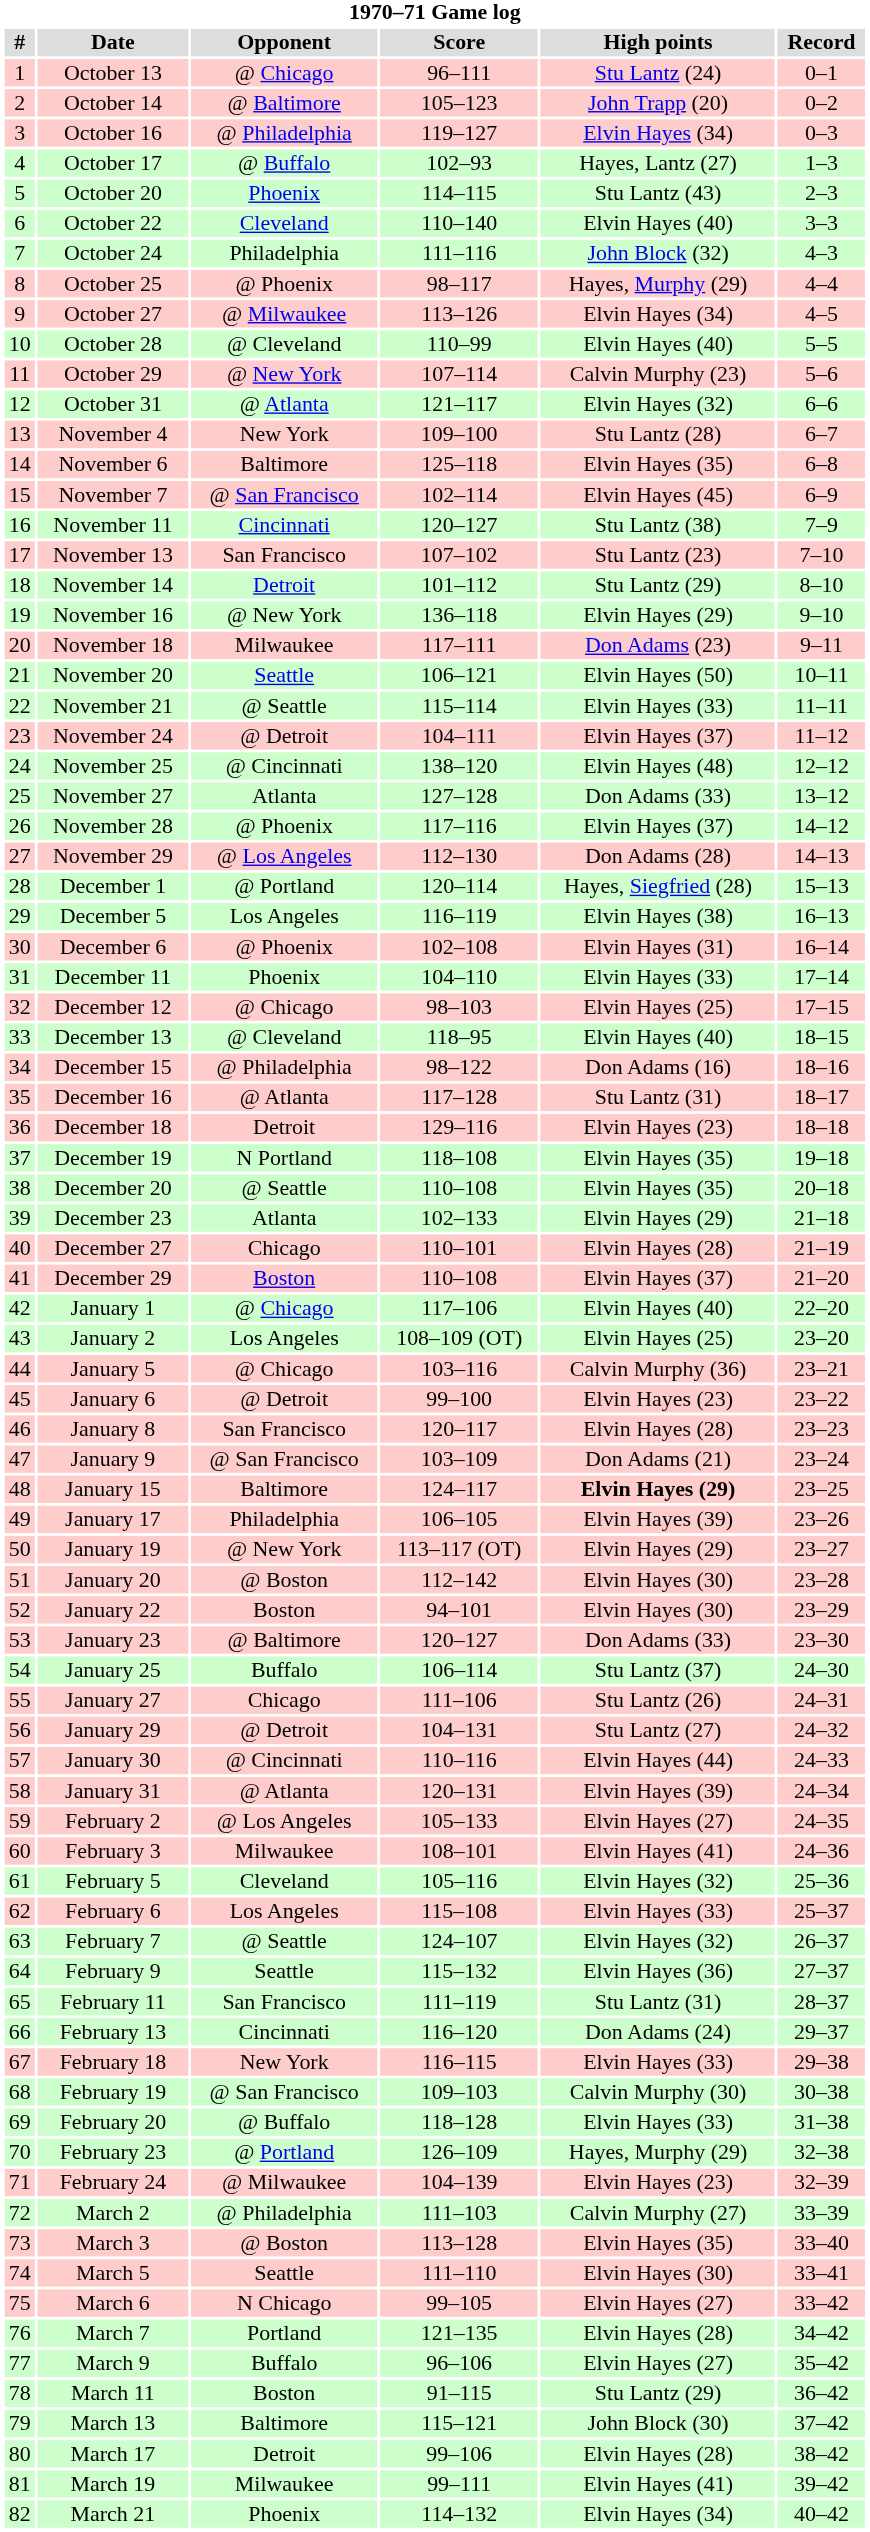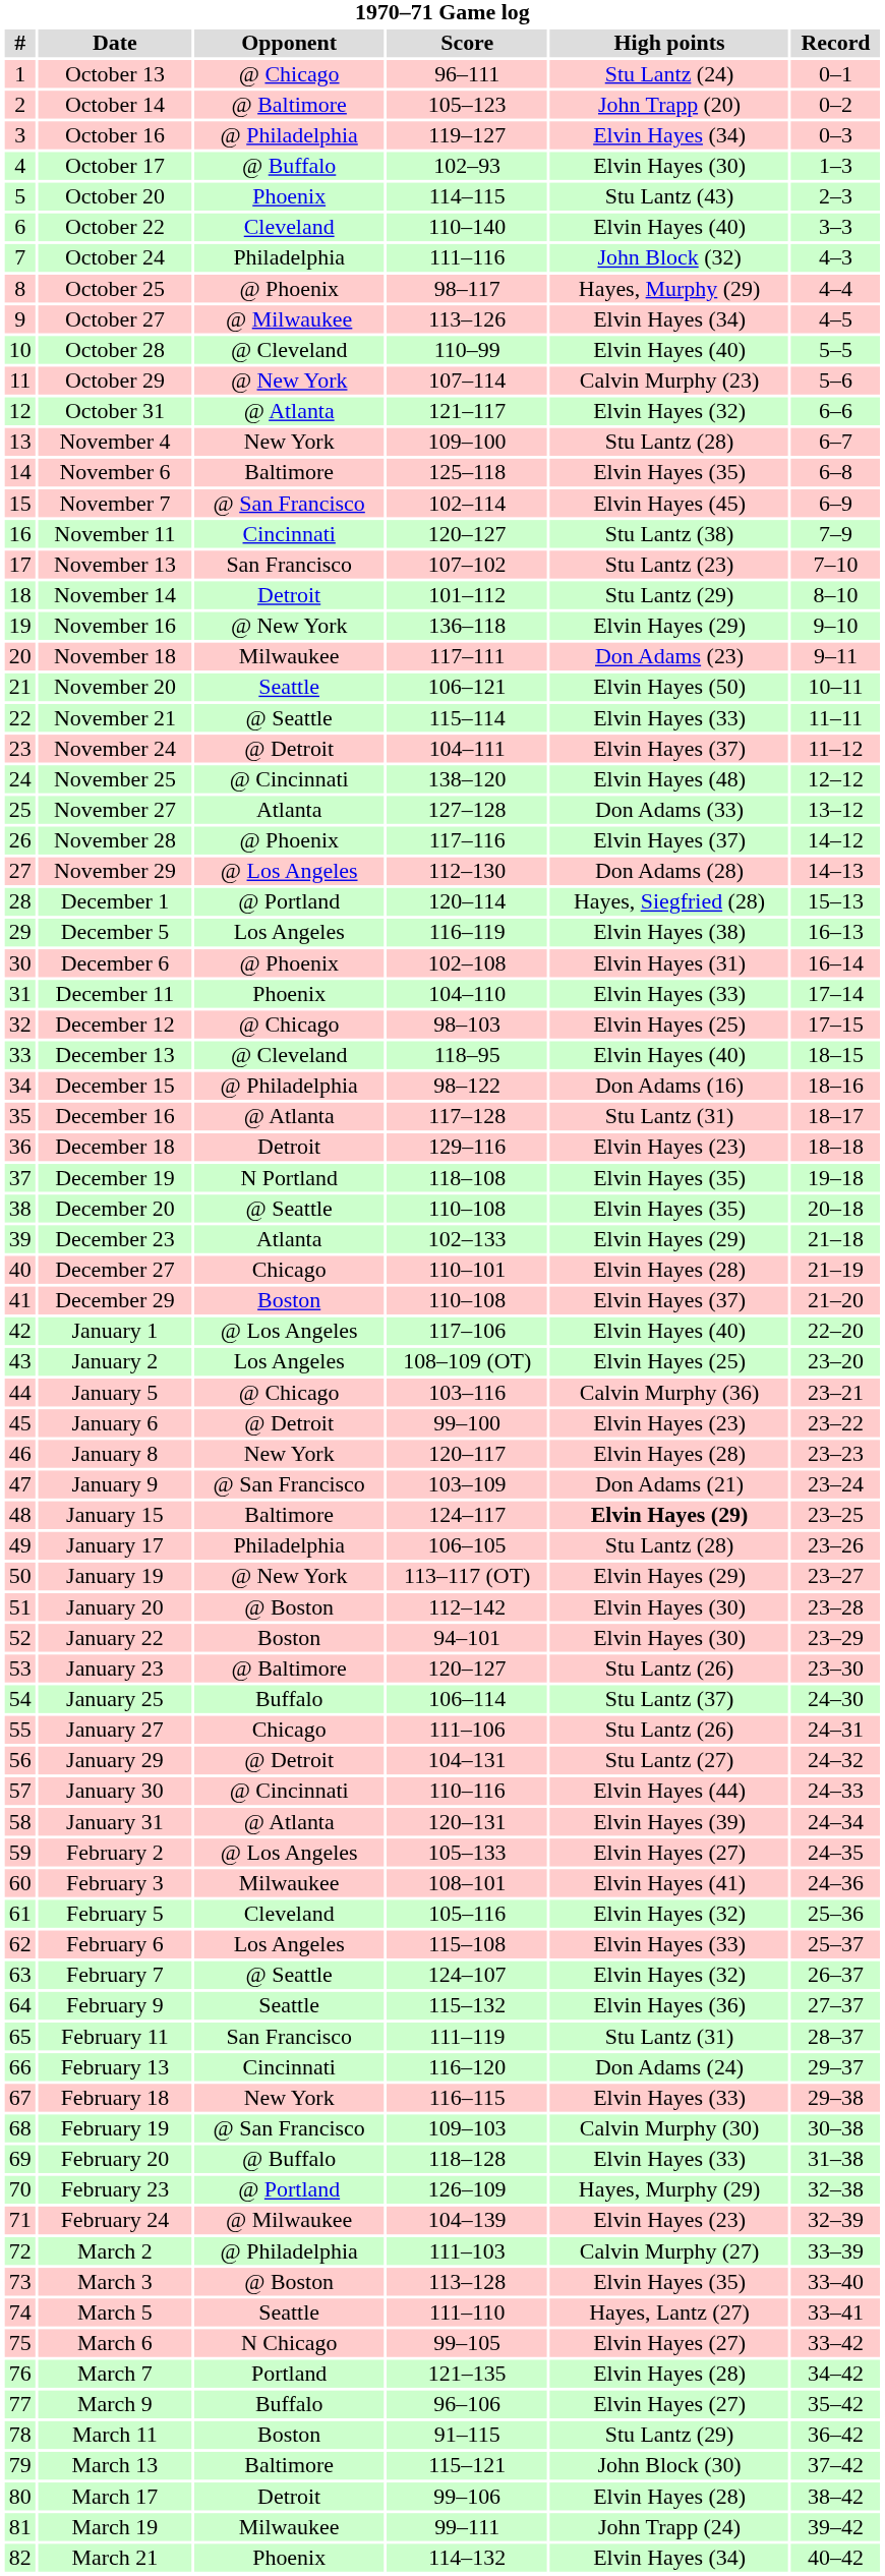 <table class="toccolours collapsible" width=50% style="clear:both; margin:1.5em auto; text-align:center">
 <tr>
 <th colspan=11>1970–71 Game log</th>
 </tr>
 <tr align="center" bgcolor="#dddddd">
 <td><strong>#</strong></td>
 <td><strong>Date</strong></td>
 <td><strong>Opponent</strong></td>
 <td><strong>Score</strong></td>
 <td><strong>High points</strong></td>
 <td><strong>Record</strong></td>
 </tr>
 <tr align="center" bgcolor="ffcccc">
 <td>1</td>
 <td>October 13</td>
 <td>@ <a href='#'>Chicago</a></td>
 <td>96–111</td>
 <td><a href='#'>Stu Lantz</a> (24)</td>
 <td>0–1</td>
 </tr>
 <tr align="center" bgcolor="ffcccc">
 <td>2</td>
 <td>October 14</td>
 <td>@ <a href='#'>Baltimore</a></td>
 <td>105–123</td>
 <td><a href='#'>John Trapp</a> (20)</td>
 <td>0–2</td>
 </tr>
 <tr align="center" bgcolor="ffcccc">
 <td>3</td>
 <td>October 16</td>
 <td>@ <a href='#'>Philadelphia</a></td>
 <td>119–127</td>
 <td><a href='#'>Elvin Hayes</a> (34)</td>
 <td>0–3</td>
 </tr>
 <tr align="center" bgcolor="ccffcc">
 <td>4</td>
 <td>October 17</td>
 <td>@ <a href='#'>Buffalo</a></td>
 <td>102–93</td>
-<td>Hayes, Lantz (27)</td>
+<td>Elvin Hayes (30)</td>
 <td>1–3</td>
 </tr>
 <tr align="center" bgcolor="ccffcc">
 <td>5</td>
 <td>October 20</td>
 <td><a href='#'>Phoenix</a></td>
 <td>114–115</td>
 <td>Stu Lantz (43)</td>
 <td>2–3</td>
 </tr>
 <tr align="center" bgcolor="ccffcc">
 <td>6</td>
 <td>October 22</td>
 <td><a href='#'>Cleveland</a></td>
 <td>110–140</td>
 <td>Elvin Hayes (40)</td>
 <td>3–3</td>
 </tr>
 <tr align="center" bgcolor="ccffcc">
 <td>7</td>
 <td>October 24</td>
 <td>Philadelphia</td>
 <td>111–116</td>
 <td><a href='#'>John Block</a> (32)</td>
 <td>4–3</td>
 </tr>
 <tr align="center" bgcolor="ffcccc">
 <td>8</td>
 <td>October 25</td>
 <td>@ Phoenix</td>
 <td>98–117</td>
 <td>Hayes, <a href='#'>Murphy</a> (29)</td>
 <td>4–4</td>
 </tr>
 <tr align="center" bgcolor="ffcccc">
 <td>9</td>
 <td>October 27</td>
 <td>@ <a href='#'>Milwaukee</a></td>
 <td>113–126</td>
 <td>Elvin Hayes (34)</td>
 <td>4–5</td>
 </tr>
 <tr align="center" bgcolor="ccffcc">
 <td>10</td>
 <td>October 28</td>
 <td>@ Cleveland</td>
 <td>110–99</td>
 <td>Elvin Hayes (40)</td>
 <td>5–5</td>
 </tr>
 <tr align="center" bgcolor="ffcccc">
 <td>11</td>
 <td>October 29</td>
 <td>@ <a href='#'>New York</a></td>
 <td>107–114</td>
 <td>Calvin Murphy (23)</td>
 <td>5–6</td>
 </tr>
 <tr align="center" bgcolor="ccffcc">
 <td>12</td>
 <td>October 31</td>
 <td>@ <a href='#'>Atlanta</a></td>
 <td>121–117</td>
 <td>Elvin Hayes (32)</td>
 <td>6–6</td>
 </tr>
 <tr align="center" bgcolor="ffcccc">
 <td>13</td>
 <td>November 4</td>
 <td>New York</td>
 <td>109–100</td>
 <td>Stu Lantz (28)</td>
 <td>6–7</td>
 </tr>
 <tr align="center" bgcolor="ffcccc">
 <td>14</td>
 <td>November 6</td>
 <td>Baltimore</td>
 <td>125–118</td>
 <td>Elvin Hayes (35)</td>
 <td>6–8</td>
 </tr>
 <tr align="center" bgcolor="ffcccc">
 <td>15</td>
 <td>November 7</td>
 <td>@ <a href='#'>San Francisco</a></td>
 <td>102–114</td>
 <td>Elvin Hayes (45)</td>
 <td>6–9</td>
 </tr>
 <tr align="center" bgcolor="ccffcc">
 <td>16</td>
 <td>November 11</td>
 <td><a href='#'>Cincinnati</a></td>
 <td>120–127</td>
 <td>Stu Lantz (38)</td>
 <td>7–9</td>
 </tr>
 <tr align="center" bgcolor="ffcccc">
 <td>17</td>
 <td>November 13</td>
 <td>San Francisco</td>
 <td>107–102</td>
 <td>Stu Lantz (23)</td>
 <td>7–10</td>
 </tr>
 <tr align="center" bgcolor="ccffcc">
 <td>18</td>
 <td>November 14</td>
 <td><a href='#'>Detroit</a></td>
 <td>101–112</td>
 <td>Stu Lantz (29)</td>
 <td>8–10</td>
 </tr>
 <tr align="center" bgcolor="ccffcc">
 <td>19</td>
 <td>November 16</td>
 <td>@ New York</td>
 <td>136–118</td>
 <td>Elvin Hayes (29)</td>
 <td>9–10</td>
 </tr>
 <tr align="center" bgcolor="ffcccc">
 <td>20</td>
 <td>November 18</td>
 <td>Milwaukee</td>
 <td>117–111</td>
 <td><a href='#'>Don Adams</a> (23)</td>
 <td>9–11</td>
 </tr>
 <tr align="center" bgcolor="ccffcc">
 <td>21</td>
 <td>November 20</td>
 <td><a href='#'>Seattle</a></td>
 <td>106–121</td>
 <td>Elvin Hayes (50)</td>
 <td>10–11</td>
 </tr>
 <tr align="center" bgcolor="ccffcc">
 <td>22</td>
 <td>November 21</td>
 <td>@ Seattle</td>
 <td>115–114</td>
 <td>Elvin Hayes (33)</td>
 <td>11–11</td>
 </tr>
 <tr align="center" bgcolor="ffcccc">
 <td>23</td>
 <td>November 24</td>
 <td>@ Detroit</td>
 <td>104–111</td>
 <td>Elvin Hayes (37)</td>
 <td>11–12</td>
 </tr>
 <tr align="center" bgcolor="ccffcc">
 <td>24</td>
 <td>November 25</td>
 <td>@ Cincinnati</td>
 <td>138–120</td>
 <td>Elvin Hayes (48)</td>
 <td>12–12</td>
 </tr>
 <tr align="center" bgcolor="ccffcc">
 <td>25</td>
 <td>November 27</td>
 <td>Atlanta</td>
 <td>127–128</td>
 <td>Don Adams (33)</td>
 <td>13–12</td>
 </tr>
 <tr align="center" bgcolor="ccffcc">
 <td>26</td>
 <td>November 28</td>
 <td>@ Phoenix</td>
 <td>117–116</td>
 <td>Elvin Hayes (37)</td>
 <td>14–12</td>
 </tr>
 <tr align="center" bgcolor="ffcccc">
 <td>27</td>
 <td>November 29</td>
 <td>@ <a href='#'>Los Angeles</a></td>
 <td>112–130</td>
 <td>Don Adams (28)</td>
 <td>14–13</td>
 </tr>
 <tr align="center" bgcolor="ccffcc">
 <td>28</td>
 <td>December 1</td>
 <td>@ Portland</td>
 <td>120–114</td>
 <td>Hayes, <a href='#'>Siegfried</a> (28)</td>
 <td>15–13</td>
 </tr>
 <tr align="center" bgcolor="ccffcc">
 <td>29</td>
 <td>December 5</td>
 <td>Los Angeles</td>
 <td>116–119</td>
 <td>Elvin Hayes (38)</td>
 <td>16–13</td>
 </tr>
 <tr align="center" bgcolor="ffcccc">
 <td>30</td>
 <td>December 6</td>
 <td>@ Phoenix</td>
 <td>102–108</td>
 <td>Elvin Hayes (31)</td>
 <td>16–14</td>
 </tr>
 <tr align="center" bgcolor="ccffcc">
 <td>31</td>
 <td>December 11</td>
 <td>Phoenix</td>
 <td>104–110</td>
 <td>Elvin Hayes (33)</td>
 <td>17–14</td>
 </tr>
 <tr align="center" bgcolor="ffcccc">
 <td>32</td>
 <td>December 12</td>
 <td>@ Chicago</td>
 <td>98–103</td>
 <td>Elvin Hayes (25)</td>
 <td>17–15</td>
 </tr>
 <tr align="center" bgcolor="ccffcc">
 <td>33</td>
 <td>December 13</td>
 <td>@ Cleveland</td>
 <td>118–95</td>
 <td>Elvin Hayes (40)</td>
 <td>18–15</td>
 </tr>
 <tr align="center" bgcolor="ffcccc">
 <td>34</td>
 <td>December 15</td>
 <td>@ Philadelphia</td>
 <td>98–122</td>
 <td>Don Adams (16)</td>
 <td>18–16</td>
 </tr>
 <tr align="center" bgcolor="ffcccc">
 <td>35</td>
 <td>December 16</td>
 <td>@ Atlanta</td>
 <td>117–128</td>
 <td>Stu Lantz (31)</td>
 <td>18–17</td>
 </tr>
 <tr align="center" bgcolor="ffcccc">
 <td>36</td>
 <td>December 18</td>
 <td>Detroit</td>
 <td>129–116</td>
 <td>Elvin Hayes (23)</td>
 <td>18–18</td>
 </tr>
 <tr align="center" bgcolor="ccffcc">
 <td>37</td>
 <td>December 19</td>
 <td>N Portland</td>
 <td>118–108</td>
 <td>Elvin Hayes (35)</td>
 <td>19–18</td>
 </tr>
 <tr align="center" bgcolor="ccffcc">
 <td>38</td>
 <td>December 20</td>
 <td>@ Seattle</td>
 <td>110–108</td>
 <td>Elvin Hayes (35)</td>
 <td>20–18</td>
 </tr>
 <tr align="center" bgcolor="ccffcc">
 <td>39</td>
 <td>December 23</td>
 <td>Atlanta</td>
 <td>102–133</td>
 <td>Elvin Hayes (29)</td>
 <td>21–18</td>
 </tr>
 <tr align="center" bgcolor="ffcccc">
 <td>40</td>
 <td>December 27</td>
 <td>Chicago</td>
 <td>110–101</td>
 <td>Elvin Hayes (28)</td>
 <td>21–19</td>
 </tr>
 <tr align="center" bgcolor="ffcccc">
 <td>41</td>
 <td>December 29</td>
 <td><a href='#'>Boston</a></td>
 <td>110–108</td>
 <td>Elvin Hayes (37)</td>
 <td>21–20</td>
 </tr>
 <tr align="center" bgcolor="ccffcc">
 <td>42</td>
 <td>January 1</td>
-<td>@ <a href='#'>Chicago</a></td>
+<td>@ Los Angeles</td>
 <td>117–106</td>
 <td>Elvin Hayes (40)</td>
 <td>22–20</td>
 </tr>
 <tr align="center" bgcolor="ccffcc">
 <td>43</td>
 <td>January 2</td>
 <td>Los Angeles</td>
 <td>108–109 (OT)</td>
 <td>Elvin Hayes (25)</td>
 <td>23–20</td>
 </tr>
 <tr align="center" bgcolor="ffcccc">
 <td>44</td>
 <td>January 5</td>
 <td>@ Chicago</td>
 <td>103–116</td>
 <td>Calvin Murphy (36)</td>
 <td>23–21</td>
 </tr>
 <tr align="center" bgcolor="ffcccc">
 <td>45</td>
 <td>January 6</td>
 <td>@ Detroit</td>
 <td>99–100</td>
 <td>Elvin Hayes (23)</td>
 <td>23–22</td>
 </tr>
 <tr align="center" bgcolor="ffcccc">
 <td>46</td>
 <td>January 8</td>
-<td>San Francisco</td>
+<td>New York</td>
 <td>120–117</td>
 <td>Elvin Hayes (28)</td>
 <td>23–23</td>
 </tr>
 <tr align="center" bgcolor="ffcccc">
 <td>47</td>
 <td>January 9</td>
 <td>@ San Francisco</td>
 <td>103–109</td>
 <td>Don Adams (21)</td>
 <td>23–24</td>
 </tr>
 <tr align="center" bgcolor="ffcccc">
 <td>48</td>
 <td>January 15</td>
 <td>Baltimore</td>
 <td>124–117</td>
 <td><strong>Elvin Hayes (29)</strong></td>
 <td>23–25</td>
 </tr>
 <tr align="center" bgcolor="ffcccc">
 <td>49</td>
 <td>January 17</td>
 <td>Philadelphia</td>
 <td>106–105</td>
-<td>Elvin Hayes (39)</td>
+<td>Stu Lantz (28)</td>
 <td>23–26</td>
 </tr>
 <tr align="center" bgcolor="ffcccc">
 <td>50</td>
 <td>January 19</td>
 <td>@ New York</td>
 <td>113–117 (OT)</td>
 <td>Elvin Hayes (29)</td>
 <td>23–27</td>
 </tr>
 <tr align="center" bgcolor="ffcccc">
 <td>51</td>
 <td>January 20</td>
 <td>@ Boston</td>
 <td>112–142</td>
 <td>Elvin Hayes (30)</td>
 <td>23–28</td>
 </tr>
 <tr align="center" bgcolor="ffcccc">
 <td>52</td>
 <td>January 22</td>
 <td>Boston</td>
 <td>94–101</td>
 <td>Elvin Hayes (30)</td>
 <td>23–29</td>
 </tr>
 <tr align="center" bgcolor="ffcccc">
 <td>53</td>
 <td>January 23</td>
 <td>@ Baltimore</td>
 <td>120–127</td>
-<td>Don Adams (33)</td>
+<td>Stu Lantz (26)</td>
 <td>23–30</td>
 </tr>
 <tr align="center" bgcolor="ccffcc">
 <td>54</td>
 <td>January 25</td>
 <td>Buffalo</td>
 <td>106–114</td>
 <td>Stu Lantz (37)</td>
 <td>24–30</td>
 </tr>
 <tr align="center" bgcolor="ffcccc">
 <td>55</td>
 <td>January 27</td>
 <td>Chicago</td>
 <td>111–106</td>
 <td>Stu Lantz (26)</td>
 <td>24–31</td>
 </tr>
 <tr align="center" bgcolor="ffcccc">
 <td>56</td>
 <td>January 29</td>
 <td>@ Detroit</td>
 <td>104–131</td>
 <td>Stu Lantz (27)</td>
 <td>24–32</td>
 </tr>
 <tr align="center" bgcolor="ffcccc">
 <td>57</td>
 <td>January 30</td>
 <td>@ Cincinnati</td>
 <td>110–116</td>
 <td>Elvin Hayes (44)</td>
 <td>24–33</td>
 </tr>
 <tr align="center" bgcolor="ffcccc">
 <td>58</td>
 <td>January 31</td>
 <td>@ Atlanta</td>
 <td>120–131</td>
 <td>Elvin Hayes (39)</td>
 <td>24–34</td>
 </tr>
 <tr align="center" bgcolor="ffcccc">
 <td>59</td>
 <td>February 2</td>
 <td>@ Los Angeles</td>
 <td>105–133</td>
 <td>Elvin Hayes (27)</td>
 <td>24–35</td>
 </tr>
 <tr align="center" bgcolor="ffcccc">
 <td>60</td>
 <td>February 3</td>
 <td>Milwaukee</td>
 <td>108–101</td>
 <td>Elvin Hayes (41)</td>
 <td>24–36</td>
 </tr>
 <tr align="center" bgcolor="ccffcc">
 <td>61</td>
 <td>February 5</td>
 <td>Cleveland</td>
 <td>105–116</td>
 <td>Elvin Hayes (32)</td>
 <td>25–36</td>
 </tr>
 <tr align="center" bgcolor="ffcccc">
 <td>62</td>
 <td>February 6</td>
 <td>Los Angeles</td>
 <td>115–108</td>
 <td>Elvin Hayes (33)</td>
 <td>25–37</td>
 </tr>
 <tr align="center" bgcolor="ccffcc">
 <td>63</td>
 <td>February 7</td>
 <td>@ Seattle</td>
 <td>124–107</td>
 <td>Elvin Hayes (32)</td>
 <td>26–37</td>
 </tr>
 <tr align="center" bgcolor="ccffcc">
 <td>64</td>
 <td>February 9</td>
 <td>Seattle</td>
 <td>115–132</td>
 <td>Elvin Hayes (36)</td>
 <td>27–37</td>
 </tr>
 <tr align="center" bgcolor="ccffcc">
 <td>65</td>
 <td>February 11</td>
 <td>San Francisco</td>
 <td>111–119</td>
 <td>Stu Lantz (31)</td>
 <td>28–37</td>
 </tr>
 <tr align="center" bgcolor="ccffcc">
 <td>66</td>
 <td>February 13</td>
 <td>Cincinnati</td>
 <td>116–120</td>
 <td>Don Adams (24)</td>
 <td>29–37</td>
 </tr>
 <tr align="center" bgcolor="ffcccc">
 <td>67</td>
 <td>February 18</td>
 <td>New York</td>
 <td>116–115</td>
 <td>Elvin Hayes (33)</td>
 <td>29–38</td>
 </tr>
 <tr align="center" bgcolor="ccffcc">
 <td>68</td>
 <td>February 19</td>
 <td>@ San Francisco</td>
 <td>109–103</td>
 <td>Calvin Murphy (30)</td>
 <td>30–38</td>
 </tr>
 <tr align="center" bgcolor="ccffcc">
 <td>69</td>
 <td>February 20</td>
 <td>@ Buffalo</td>
 <td>118–128</td>
 <td>Elvin Hayes (33)</td>
 <td>31–38</td>
 </tr>
 <tr align="center" bgcolor="ccffcc">
 <td>70</td>
 <td>February 23</td>
 <td>@ <a href='#'>Portland</a></td>
 <td>126–109</td>
 <td>Hayes, Murphy (29)</td>
 <td>32–38</td>
 </tr>
 <tr align="center" bgcolor="ffcccc">
 <td>71</td>
 <td>February 24</td>
 <td>@ Milwaukee</td>
 <td>104–139</td>
 <td>Elvin Hayes (23)</td>
 <td>32–39</td>
 </tr>
 <tr align="center" bgcolor="ccffcc">
 <td>72</td>
 <td>March 2</td>
 <td>@ Philadelphia</td>
 <td>111–103</td>
 <td>Calvin Murphy (27)</td>
 <td>33–39</td>
 </tr>
 <tr align="center" bgcolor="ffcccc">
 <td>73</td>
 <td>March 3</td>
 <td>@ Boston</td>
 <td>113–128</td>
 <td>Elvin Hayes (35)</td>
 <td>33–40</td>
 </tr>
 <tr align="center" bgcolor="ffcccc">
 <td>74</td>
 <td>March 5</td>
 <td>Seattle</td>
 <td>111–110</td>
-<td>Elvin Hayes (30)</td>
+<td>Hayes, Lantz (27)</td>
 <td>33–41</td>
 </tr>
 <tr align="center" bgcolor="ffcccc">
 <td>75</td>
 <td>March 6</td>
 <td>N Chicago</td>
 <td>99–105</td>
 <td>Elvin Hayes (27)</td>
 <td>33–42</td>
 </tr>
 <tr align="center" bgcolor="ccffcc">
 <td>76</td>
 <td>March 7</td>
 <td>Portland</td>
 <td>121–135</td>
 <td>Elvin Hayes (28)</td>
 <td>34–42</td>
 </tr>
 <tr align="center" bgcolor="ccffcc">
 <td>77</td>
 <td>March 9</td>
 <td>Buffalo</td>
 <td>96–106</td>
 <td>Elvin Hayes (27)</td>
 <td>35–42</td>
 </tr>
 <tr align="center" bgcolor="ccffcc">
 <td>78</td>
 <td>March 11</td>
 <td>Boston</td>
 <td>91–115</td>
 <td>Stu Lantz (29)</td>
 <td>36–42</td>
 </tr>
 <tr align="center" bgcolor="ccffcc">
 <td>79</td>
 <td>March 13</td>
 <td>Baltimore</td>
 <td>115–121</td>
 <td>John Block (30)</td>
 <td>37–42</td>
 </tr>
 <tr align="center" bgcolor="ccffcc">
 <td>80</td>
 <td>March 17</td>
 <td>Detroit</td>
 <td>99–106</td>
 <td>Elvin Hayes (28)</td>
 <td>38–42</td>
 </tr>
 <tr align="center" bgcolor="ccffcc">
 <td>81</td>
 <td>March 19</td>
 <td>Milwaukee</td>
 <td>99–111</td>
-<td>Elvin Hayes (41)</td>
+<td>John Trapp (24)</td>
 <td>39–42</td>
 </tr>
 <tr align="center" bgcolor="ccffcc">
 <td>82</td>
 <td>March 21</td>
 <td>Phoenix</td>
 <td>114–132</td>
 <td>Elvin Hayes (34)</td>
 <td>40–42</td>
 </tr>
 </table>
